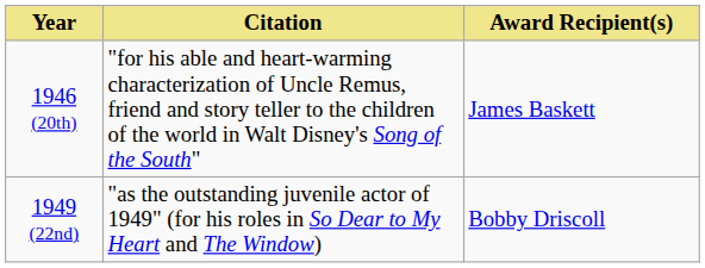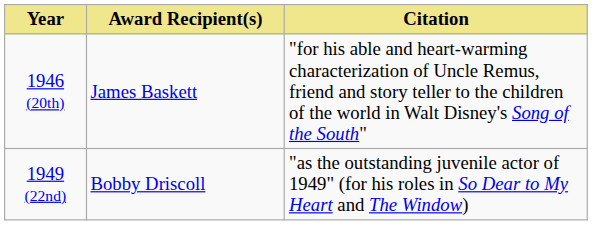 <table class="wikitable" width="80%">
 <tr>
 <th width="5%" style="background:#F0E68C">Year</th>
+<th width="15%" style="background:#F0E68C">Award Recipient(s)</th>
 <th width="25%" style="background:#F0E68C">Citation</th>
-<th width="15%" style="background:#F0E68C">Award Recipient(s)</th>
 </tr>
 <tr>
 <td align="center"><a href='#'>1946</a><br><small><a href='#'>(20th)</a></small></td>
+<td><a href='#'>James Baskett</a></td>
 <td>"for his able and heart-warming characterization of Uncle Remus, friend and story teller to the children of the world in Walt Disney's <em><a href='#'>Song of the South</a></em>"</td>
-<td><a href='#'>James Baskett</a></td>
 </tr>
 <tr>
 <td align="center"><a href='#'>1949</a><br><small><a href='#'>(22nd)</a></small></td>
+<td><a href='#'>Bobby Driscoll</a></td>
 <td>"as the outstanding juvenile actor of 1949" (for his roles in <em><a href='#'>So Dear to My Heart</a></em> and <em><a href='#'>The Window</a></em>)</td>
-<td><a href='#'>Bobby Driscoll</a></td>
 </tr>
 </table>
